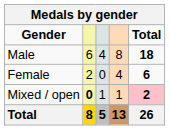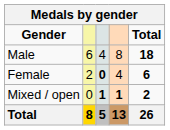 <table class="wikitable" style="text-align:center;font-size:90%">
 <tr style="background:#efefef;">
 <th colspan=7><strong>Medals by gender</strong></th>
 </tr>
 <tr>
 <td><strong>Gender</strong></td>
 <td bgcolor=#f7f6a8></td>
 <td bgcolor=#dce5e5></td>
 <td bgcolor=#ffdab9></td>
 <td><strong>Total</strong></td>
 </tr>
 <tr>
 <td style="text-align:left;">Male</td>
 <td style="background:#F7F6A8;">6</td>
 <td style="background:#DCE5E5;">4</td>
 <td style="background:#FFDAB9;">8</td>
 <td><strong>18</strong></td>
 </tr>
 <tr>
 <td style="text-align:left;">Female</td>
 <td style="background:#F7F6A8;">2</td>
-<td style="background:#DCE5E5;">0</td>
+<td style="background:#DCE5E5;"><strong>0</strong></td>
 <td style="background:#FFDAB9;">4</td>
 <td><strong>6</strong></td>
 </tr>
 <tr>
 <td style="text-align:left;">Mixed / open</td>
-<td style="background:#F7F6A8;"><strong>0</strong></td>
-<td style="background:#DCE5E5;">1</td>
-<td style="background:#FFDAB9;">1</td>
-<td style="background: pink;"><strong>2</strong></td>
+<td style="background:#F7F6A8;">0</td>
+<td style="background:#DCE5E5;"><strong>1</strong></td>
+<td style="background:#FFDAB9;"><strong>1</strong></td>
+<td><strong>2</strong></td>
 </tr>
 <tr>
 <th style="text-align:left;"><strong>Total</strong></th>
 <th style="background:gold;"><strong>8</strong></th>
 <th style="background:silver;"><strong>5</strong></th>
 <th style="background:#c96;"><strong>13</strong></th>
 <th><strong>26</strong></th>
 </tr>
 </table>
